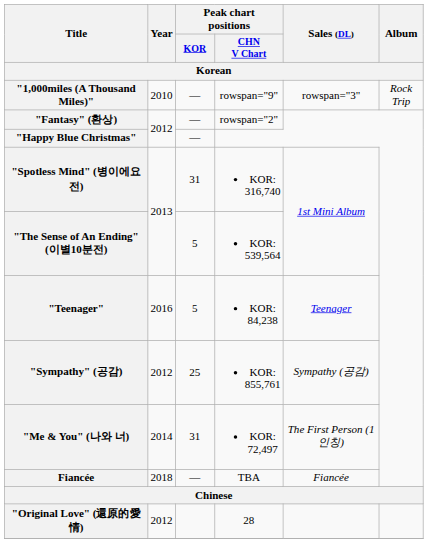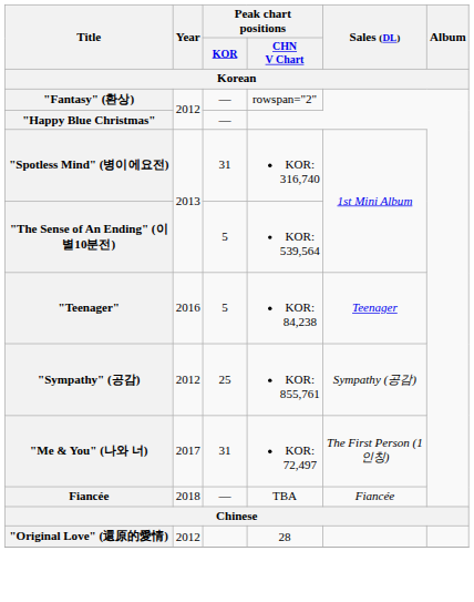 <table class="wikitable plainrowheaders" style="text-align:center;">
 <tr>
 <th scope="col" rowspan="2">Title</th>
 <th scope="col" rowspan="2">Year</th>
 <th scope="col" colspan="2">Peak chart <br> positions</th>
 <th scope="col" rowspan="2">Sales <small>(<a href='#'>DL</a>)</small></th>
 <th scope="col" rowspan="2">Album</th>
 </tr>
 <tr>
 <th scope="col" style="width:3.5em;font-size:90%;"><a href='#'>KOR</a><br></th>
 <th scope="col" style="width:3.5em;font-size:90%;"><a href='#'>CHN<br>V Chart</a><br></th>
 </tr>
 <tr>
 <th scope="col" colspan="6">Korean</th>
-</tr>
-<tr>
-<th scope="row">"1,000miles (A Thousand Miles)"</th>
-<td>2010</td>
-<td>—</td>
-<td>rowspan="9" </td>
-<td>rowspan="3" </td>
-<td><em>Rock Trip</em></td>
 </tr>
 <tr>
 <th scope="row">"Fantasy" (환상)</th>
 <td rowspan="2">2012</td>
 <td>—</td>
 <td>rowspan="2" </td>
 </tr>
 <tr>
 <th scope="row">"Happy Blue Christmas"</th>
 <td>—</td>
 </tr>
 <tr>
 <th scope="row">"Spotless Mind" (병이에요전)</th>
 <td rowspan="2">2013</td>
 <td>31</td>
 <td><br><ul><li>KOR: 316,740</li></ul></td>
 <td rowspan="2"><em><a href='#'>1st Mini Album</a></em></td>
 </tr>
 <tr>
 <th scope="row">"The Sense of An Ending" (이별10분전)</th>
 <td>5</td>
 <td><br><ul><li>KOR: 539,564</li></ul></td>
 </tr>
 <tr>
 <th scope="row">"Teenager"</th>
 <td>2016</td>
 <td>5</td>
 <td><br><ul><li>KOR: 84,238</li></ul></td>
 <td><em><a href='#'>Teenager</a></em></td>
 </tr>
 <tr>
 <th scope="row">"Sympathy" (공감)<br></th>
 <td>2012</td>
 <td>25</td>
 <td><br><ul><li>KOR: 855,761</li></ul></td>
 <td><em>Sympathy (공감)</em></td>
 </tr>
 <tr>
 <th scope="row">"Me & You" (나와 너)<br></th>
-<td>2014</td>
+<td>2017</td>
 <td>31</td>
 <td><br><ul><li>KOR: 72,497</li></ul></td>
 <td><em>The First Person (1인칭)</em></td>
 </tr>
 <tr>
 <th scope="row">Fiancée<br></th>
 <td>2018</td>
 <td>—</td>
 <td>TBA</td>
 <td><em>Fiancée</em></td>
 </tr>
 <tr>
 <th scope="col" colspan="6">Chinese</th>
 </tr>
 <tr>
 <th scope="row">"Original Love" (還原的愛情)</th>
 <td>2012</td>
 <td></td>
 <td>28</td>
 <td></td>
 <td></td>
 </tr>
 <tr>
 </tr>
 </table>
